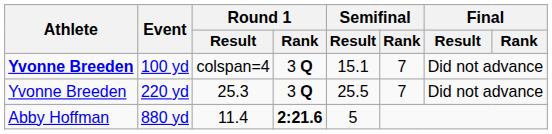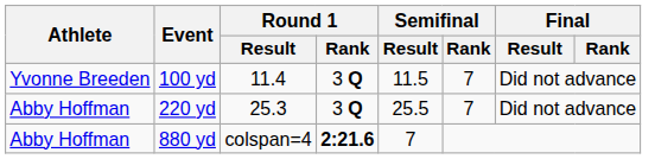 <table class=wikitable style=font-size:90%>
 <tr>
 <th rowspan=2>Athlete</th>
 <th rowspan=2>Event</th>
 <th colspan=2>Round 1</th>
 <th colspan=2>Semifinal</th>
 <th colspan=2>Final</th>
 </tr>
 <tr style=font-size:95%>
 <th>Result</th>
 <th>Rank</th>
 <th>Result</th>
 <th>Rank</th>
 <th>Result</th>
 <th>Rank</th>
 </tr>
 <tr align=center>
-<td align=left><strong><a href='#'>Yvonne Breeden</a></strong></td>
+<td align=left><a href='#'>Yvonne Breeden</a></td>
 <td align=left><a href='#'>100 yd</a></td>
-<td>colspan=4 </td>
+<td>11.4</td>
 <td>3 <strong>Q</strong></td>
-<td>15.1</td>
+<td>11.5</td>
 <td>7</td>
 <td colspan=2>Did not advance</td>
 </tr>
 <tr align=center>
-<td align=left><a href='#'>Yvonne Breeden</a></td>
+<td align=left><a href='#'>Abby Hoffman</a></td>
 <td align=left><a href='#'>220 yd</a></td>
 <td>25.3</td>
 <td>3 <strong>Q</strong></td>
 <td>25.5</td>
 <td>7</td>
 <td colspan=2>Did not advance</td>
 </tr>
 <tr align=center>
 <td align=left><a href='#'>Abby Hoffman</a></td>
 <td align=left><a href='#'>880 yd</a></td>
-<td>11.4</td>
+<td>colspan=4 </td>
 <td><strong>2:21.6</strong></td>
-<td>5</td>
+<td>7</td>
 </tr>
 </table>
